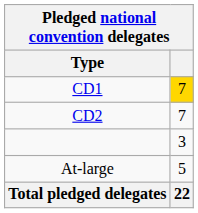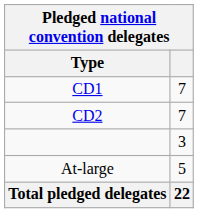 <table class="wikitable sortable" style="font-size:90%;text-align:center;float:none;padding:5px;">
 <tr>
 <th colspan="2">Pledged <a href='#'>national<br>convention</a> delegates</th>
 </tr>
 <tr>
 <th>Type</th>
 <th></th>
 </tr>
 <tr>
 <td><a href='#'>CD1</a></td>
-<td style="background: gold;">7</td>
+<td>7</td>
 </tr>
 <tr>
 <td><a href='#'>CD2</a></td>
 <td>7</td>
 </tr>
 <tr>
 <td></td>
 <td>3</td>
 </tr>
 <tr>
 <td>At-large</td>
 <td>5</td>
 </tr>
 <tr>
 <th>Total pledged delegates</th>
 <th>22</th>
 </tr>
 </table>
